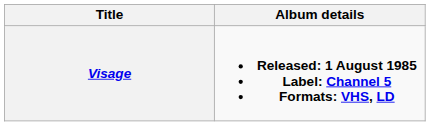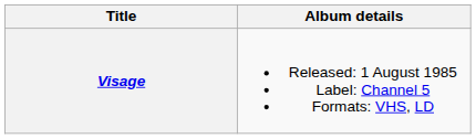 <table class="wikitable plainrowheaders" style="text-align:center;">
 <tr>
 <th scope="col" style="width:15em;">Title</th>
 <th scope="col" style="width:15em;">Album details</th>
 </tr>
 <tr>
 <th scope="row"><em><a href='#'>Visage</a></em></th>
-<td><strong><br><ul><li>Released: 1 August 1985</li><li>Label: <a href='#'>Channel 5</a></li><li>Formats: <a href='#'>VHS</a>, <a href='#'>LD</a></li></ul></strong></td>
+<td><br><ul><li>Released: 1 August 1985</li><li>Label: <a href='#'>Channel 5</a></li><li>Formats: <a href='#'>VHS</a>, <a href='#'>LD</a></li></ul></td>
 </tr>
 </table>
